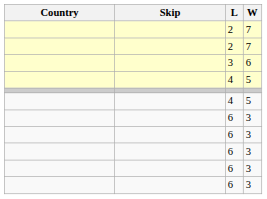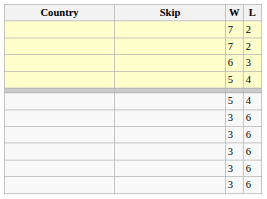 <table class="wikitable sortable">
 <tr>
 <th bgcolor="#efefef" width="160">Country</th>
 <th bgcolor="#efefef" width="160">Skip</th>
+<th bgcolor="#efefef" width="20">W</th>
 <th bgcolor="#efefef" width="20">L</th>
-<th bgcolor="#efefef" width="20">W</th>
 </tr>
 <tr bgcolor="#ffffcc">
 <td></td>
 <td></td>
+<td>7</td>
 <td>2</td>
-<td>7</td>
 </tr>
 <tr bgcolor="#ffffcc">
 <td></td>
 <td></td>
+<td>7</td>
 <td>2</td>
-<td>7</td>
 </tr>
 <tr bgcolor="#ffffcc">
 <td></td>
 <td></td>
+<td>6</td>
 <td>3</td>
-<td>6</td>
 </tr>
 <tr bgcolor="#ffffcc">
 <td></td>
 <td></td>
+<td>5</td>
 <td>4</td>
-<td>5</td>
 </tr>
 <tr bgcolor="#cccccc" >
 <td></td>
 <td></td>
 <td></td>
 <td></td>
 </tr>
 <tr>
 <td></td>
 <td></td>
+<td>5</td>
 <td>4</td>
-<td>5</td>
 </tr>
 <tr>
 <td></td>
 <td></td>
+<td>3</td>
 <td>6</td>
-<td>3</td>
 </tr>
 <tr>
 <td></td>
 <td></td>
+<td>3</td>
 <td>6</td>
-<td>3</td>
 </tr>
 <tr>
 <td></td>
 <td></td>
+<td>3</td>
 <td>6</td>
-<td>3</td>
 </tr>
 <tr>
 <td></td>
 <td></td>
+<td>3</td>
 <td>6</td>
-<td>3</td>
 </tr>
 <tr>
 <td></td>
 <td></td>
+<td>3</td>
 <td>6</td>
-<td>3</td>
 </tr>
 </table>
